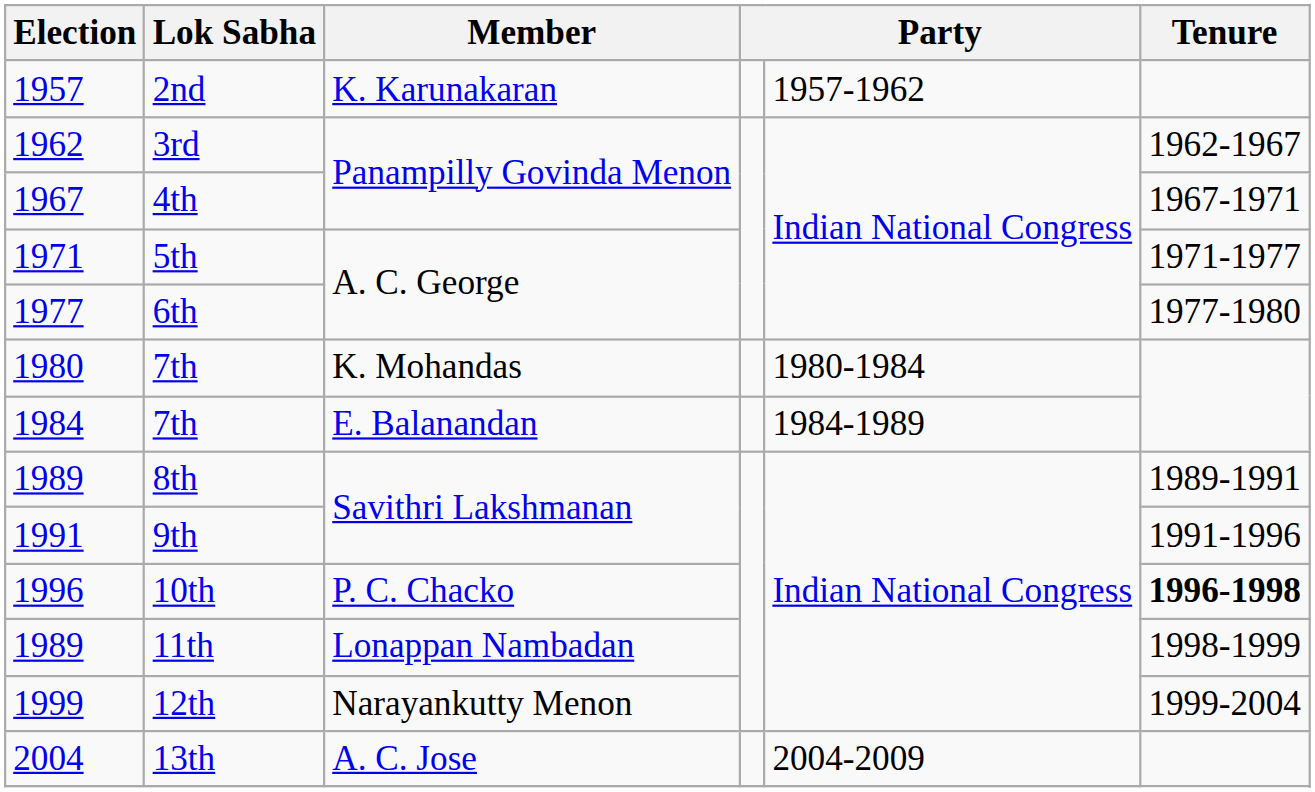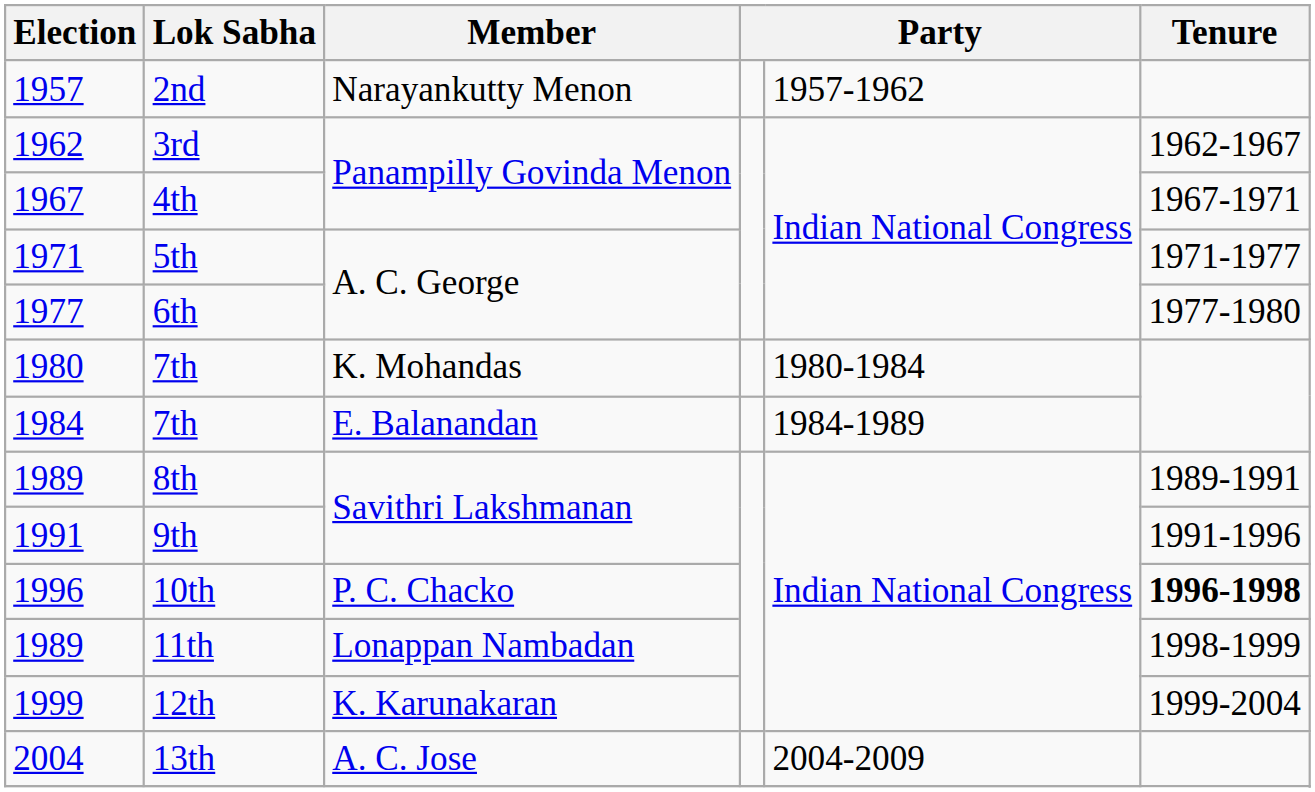 <table class="wikitable sortable">
 <tr>
 <th>Election</th>
 <th>Lok Sabha</th>
 <th>Member</th>
 <th colspan="2">Party</th>
 <th>Tenure</th>
 </tr>
 <tr>
 <td><a href='#'>1957</a></td>
 <td><a href='#'>2nd</a></td>
-<td><a href='#'>K. Karunakaran</a></td>
+<td>Narayankutty Menon</td>
 <td></td>
 <td>1957-1962</td>
 </tr>
 <tr>
 <td><a href='#'>1962</a></td>
 <td><a href='#'>3rd</a></td>
 <td rowspan=2><a href='#'>Panampilly Govinda Menon</a></td>
 <td rowspan="4" width="4px" style="background-color: "></td>
 <td rowspan=4><a href='#'>Indian National Congress</a></td>
 <td>1962-1967</td>
 </tr>
 <tr>
 <td><a href='#'>1967</a></td>
 <td><a href='#'>4th</a></td>
 <td>1967-1971</td>
 </tr>
 <tr>
 <td><a href='#'>1971</a></td>
 <td><a href='#'>5th</a></td>
 <td rowspan=2>A. C. George</td>
 <td>1971-1977</td>
 </tr>
 <tr>
 <td><a href='#'>1977</a></td>
 <td><a href='#'>6th</a></td>
 <td>1977-1980</td>
 </tr>
 <tr>
 <td><a href='#'>1980</a></td>
 <td><a href='#'>7th</a></td>
 <td>K. Mohandas</td>
 <td></td>
 <td>1980-1984</td>
 </tr>
 <tr>
 <td><a href='#'>1984</a></td>
 <td><a href='#'>7th</a></td>
 <td><a href='#'>E. Balanandan</a></td>
 <td></td>
 <td>1984-1989</td>
 </tr>
 <tr>
 <td><a href='#'>1989</a></td>
 <td><a href='#'>8th</a></td>
 <td rowspan=2><a href='#'>Savithri Lakshmanan</a></td>
 <td rowspan="5" width="4px" style="background-color: "></td>
 <td rowspan=5><a href='#'>Indian National Congress</a></td>
 <td>1989-1991</td>
 </tr>
 <tr>
 <td><a href='#'>1991</a></td>
 <td><a href='#'>9th</a></td>
 <td>1991-1996</td>
 </tr>
 <tr>
 <td><a href='#'>1996</a></td>
 <td><a href='#'>10th</a></td>
 <td><a href='#'>P. C. Chacko</a></td>
 <td><strong>1996-1998</strong></td>
 </tr>
 <tr>
 <td><a href='#'>1989</a></td>
 <td><a href='#'>11th</a></td>
 <td><a href='#'>Lonappan Nambadan</a></td>
 <td>1998-1999</td>
 </tr>
 <tr>
 <td><a href='#'>1999</a></td>
 <td><a href='#'>12th</a></td>
-<td>Narayankutty Menon</td>
+<td><a href='#'>K. Karunakaran</a></td>
 <td>1999-2004</td>
 </tr>
 <tr>
 <td><a href='#'>2004</a></td>
 <td><a href='#'>13th</a></td>
 <td><a href='#'>A. C. Jose</a></td>
 <td></td>
 <td>2004-2009</td>
 </tr>
 <tr>
 </tr>
 </table>
